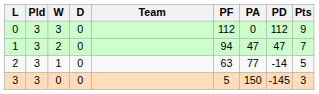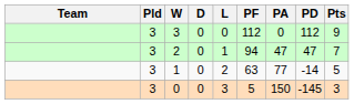 <table class="wikitable" style="text-align:center;">
 <tr>
-<th width=25 abbr="Lost">L</th>
+<th width=175>Team</th>
 <th width=25 abbr="Played">Pld</th>
 <th width=25 abbr="Won">W</th>
 <th width=25 abbr="Drawn">D</th>
-<th width=175>Team</th>
+<th width=25 abbr="Lost">L</th>
 <th width=32 abbr="Points for">PF</th>
 <th width=32 abbr="Points against">PA</th>
 <th width=32 abbr="Points difference">PD</th>
 <th width=25 abbr="Points">Pts</th>
 </tr>
 <tr bgcolor="#ccffcc">
-<td>0</td>
+<td align=left></td>
 <td>3</td>
 <td>3</td>
 <td>0</td>
-<td align=left></td>
+<td>0</td>
 <td>112</td>
 <td>0</td>
 <td>112</td>
 <td>9</td>
 </tr>
 <tr bgcolor="#ccffcc">
-<td>1</td>
+<td align=left></td>
 <td>3</td>
 <td>2</td>
 <td>0</td>
-<td align=left></td>
+<td>1</td>
 <td>94</td>
 <td>47</td>
 <td>47</td>
 <td>7</td>
 </tr>
 <tr>
-<td>2</td>
+<td align=left></td>
 <td>3</td>
 <td>1</td>
 <td>0</td>
-<td align=left></td>
+<td>2</td>
 <td>63</td>
 <td>77</td>
 <td>-14</td>
 <td>5</td>
 </tr>
 <tr bgcolor="#ffddbb">
-<td>3</td>
+<td align=left></td>
 <td>3</td>
 <td>0</td>
 <td>0</td>
-<td align=left></td>
+<td>3</td>
 <td>5</td>
 <td>150</td>
 <td>-145</td>
 <td>3</td>
 </tr>
 </table>
